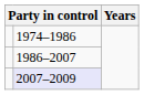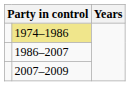 <table class="wikitable">
 <tr>
 <th colspan="2">Party in control</th>
 <th>Years</th>
 </tr>
 <tr>
 <td></td>
-<td>1974–1986</td>
+<td style="background: khaki;">1974–1986</td>
 </tr>
 <tr>
 <td></td>
 <td>1986–2007</td>
 </tr>
 <tr>
 <td></td>
-<td style="background: lavender;">2007–2009</td>
+<td>2007–2009</td>
 </tr>
 </table>
